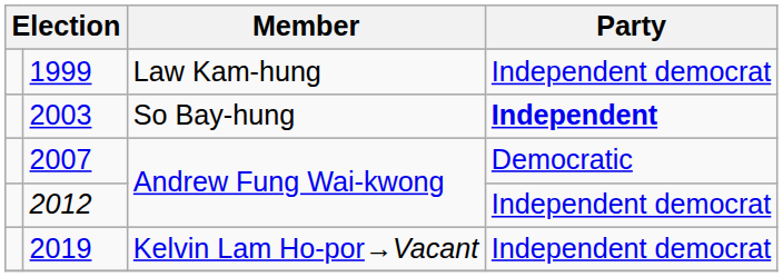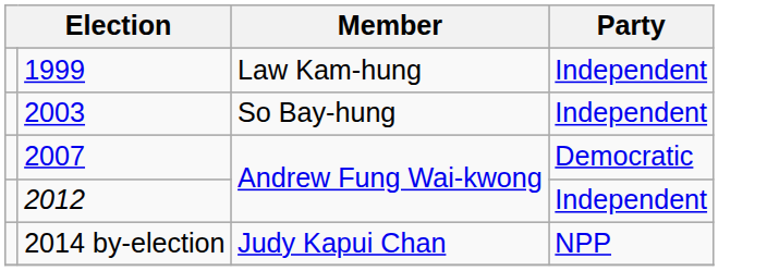 <table class="wikitable">
 <tr>
 <th colspan="2">Election</th>
 <th>Member</th>
 <th>Party</th>
 </tr>
 <tr>
 <td style="background-color: "></td>
 <td><a href='#'>1999</a></td>
 <td>Law Kam-hung</td>
-<td><a href='#'>Independent democrat</a></td>
+<td><a href='#'>Independent</a></td>
 </tr>
 <tr>
 <td style="background-color: "></td>
 <td><a href='#'>2003</a></td>
 <td>So Bay-hung</td>
-<td><strong><a href='#'>Independent</a></strong></td>
+<td><a href='#'>Independent</a></td>
 </tr>
 <tr>
 <td style="background-color: "></td>
 <td><a href='#'>2007</a></td>
 <td rowspan=2><a href='#'>Andrew Fung Wai-kwong</a></td>
 <td><a href='#'>Democratic</a></td>
 </tr>
 <tr>
 <td style="background-color: "></td>
 <td><em>2012</em></td>
-<td><a href='#'>Independent democrat</a></td>
+<td><a href='#'>Independent</a></td>
 </tr>
 <tr>
-<td style="background-color: "></td>
-<td><a href='#'>2019</a></td>
-<td><a href='#'>Kelvin Lam Ho-por</a>→<em>Vacant</em></td>
-<td><a href='#'>Independent democrat</a></td>
+<td style="background-color:"></td>
+<td>2014 by-election</td>
+<td><a href='#'>Judy Kapui Chan</a></td>
+<td><a href='#'>NPP</a></td>
 </tr>
 <tr>
 </tr>
 </table>
